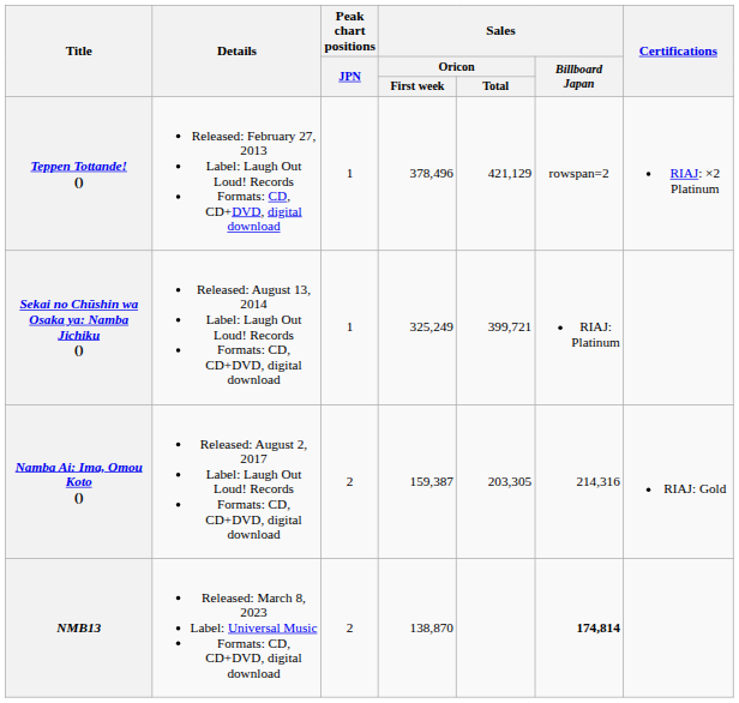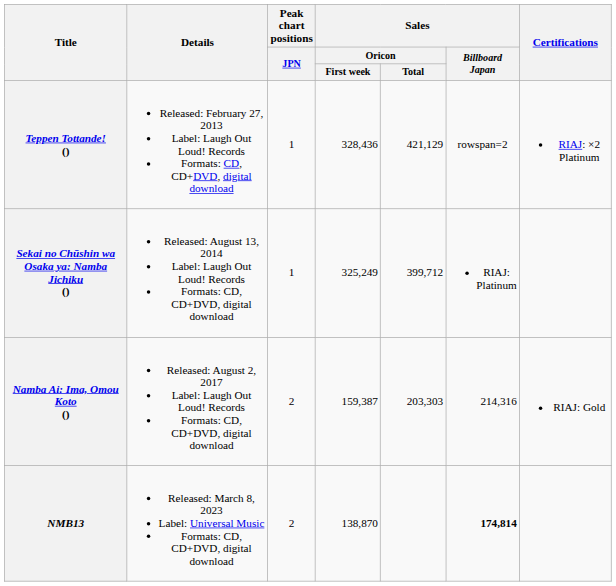 <table class="wikitable plainrowheaders" style="text-align:center;">
 <tr>
 <th rowspan="3">Title</th>
 <th rowspan="3">Details</th>
 <th colspan="1">Peak chart positions</th>
 <th colspan="3">Sales</th>
 <th rowspan="3"><a href='#'>Certifications</a></th>
 </tr>
 <tr>
 <th rowspan="2" style="width:3em;font-size:90%;"><a href='#'>JPN</a><br></th>
 <th style="width:6em;font-size:90%;" colspan="2">Oricon</th>
 <th style="width:6em;font-size:90%;" rowspan="2"><em>Billboard<br>Japan</em></th>
 </tr>
 <tr>
 <th style="width:6em;font-size:90%;">First week</th>
 <th style="width:6em;font-size:90%;">Total</th>
 </tr>
 <tr>
 <th scope="row"><em><a href='#'>Teppen Tottande!</a></em><br>()</th>
 <td><br><ul><li>Released: February 27, 2013</li><li>Label: Laugh Out Loud! Records</li><li>Formats: <a href='#'>CD</a>, CD+<a href='#'>DVD</a>, <a href='#'>digital download</a></li></ul></td>
 <td>1</td>
-<td align="right">378,496</td>
+<td align="right">328,436</td>
 <td align="right">421,129</td>
 <td>rowspan=2 </td>
 <td><br><ul><li><a href='#'>RIAJ</a>: ×2 Platinum</li></ul></td>
 </tr>
 <tr>
 <th scope="row"><em><a href='#'>Sekai no Chūshin wa Osaka ya: Namba Jichiku</a></em><br>()</th>
 <td><br><ul><li>Released: August 13, 2014</li><li>Label: Laugh Out Loud! Records</li><li>Formats: CD, CD+DVD, digital download</li></ul></td>
 <td>1</td>
 <td align="right">325,249</td>
-<td align="right">399,721</td>
+<td align="right">399,712</td>
 <td><br><ul><li>RIAJ: Platinum</li></ul></td>
 </tr>
 <tr>
 <th scope="row"><em><a href='#'>Namba Ai: Ima, Omou Koto</a></em><br>()</th>
 <td><br><ul><li>Released: August 2, 2017</li><li>Label: Laugh Out Loud! Records</li><li>Formats: CD, CD+DVD, digital download</li></ul></td>
 <td>2</td>
 <td align="right">159,387</td>
-<td align="right">203,305</td>
+<td align="right">203,303</td>
 <td align="right">214,316</td>
 <td><br><ul><li>RIAJ: Gold</li></ul></td>
 </tr>
 <tr>
 <th scope="row"><em>NMB13</em></th>
 <td><br><ul><li>Released: March 8, 2023</li><li>Label: <a href='#'>Universal Music</a></li><li>Formats: CD, CD+DVD, digital download</li></ul></td>
 <td>2</td>
 <td align="right">138,870</td>
 <td align="right"></td>
 <td align="right"><strong>174,814</strong></td>
 <td></td>
 </tr>
 </table>
